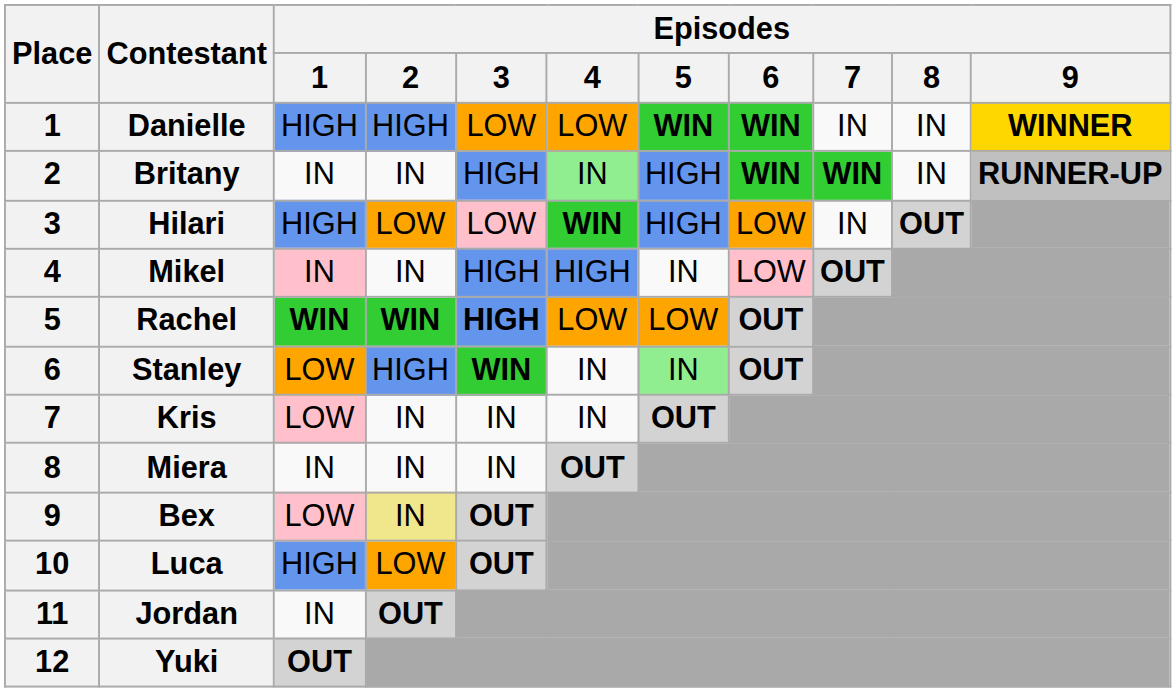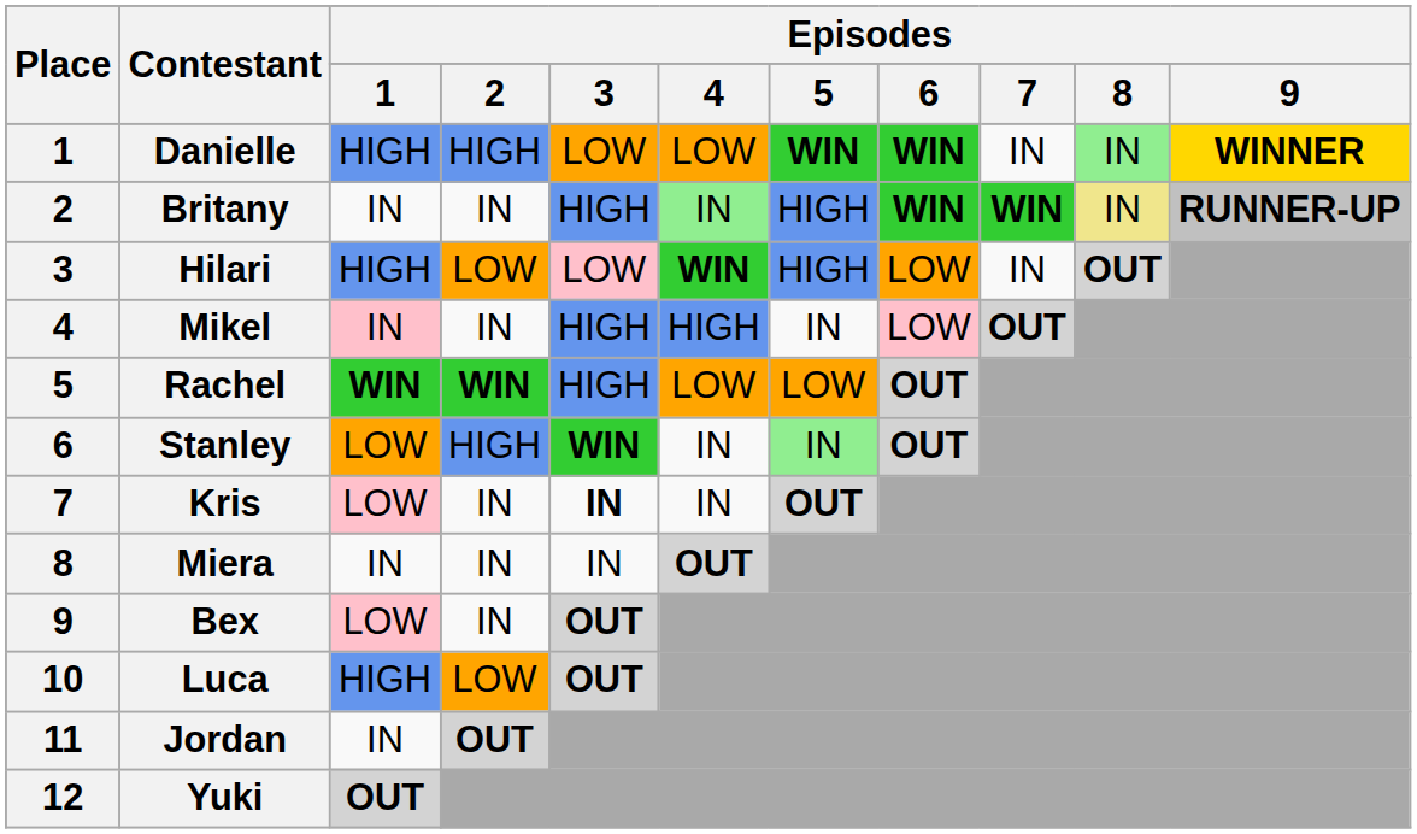 <table class="wikitable" style="text-align:center">
 <tr>
 <th rowspan="2">Place</th>
 <th rowspan="2">Contestant</th>
 <th colspan="9">Episodes</th>
 </tr>
 <tr>
 <th>1</th>
 <th>2</th>
 <th>3</th>
 <th>4</th>
 <th>5</th>
 <th>6</th>
 <th>7</th>
 <th>8</th>
 <th>9</th>
 </tr>
 <tr>
 <th>1</th>
 <th>Danielle</th>
 <td bgcolor="cornflowerblue">HIGH</td>
 <td bgcolor="cornflowerblue">HIGH</td>
 <td bgcolor="orange">LOW</td>
 <td bgcolor="orange">LOW</td>
 <td bgcolor="limegreen"><strong>WIN</strong></td>
 <td bgcolor="limegreen"><strong>WIN</strong></td>
 <td>IN</td>
-<td>IN</td>
+<td style="background: lightgreen;">IN</td>
 <td bgcolor="gold"><strong>WINNER</strong></td>
 </tr>
 <tr>
 <th>2</th>
 <th>Britany</th>
 <td>IN</td>
 <td>IN</td>
 <td bgcolor="cornflowerblue">HIGH</td>
 <td style="background: lightgreen;">IN</td>
 <td bgcolor="cornflowerblue">HIGH</td>
 <td bgcolor="limegreen"><strong>WIN</strong></td>
 <td bgcolor="limegreen"><strong>WIN</strong></td>
-<td>IN</td>
+<td style="background: khaki;">IN</td>
 <td bgcolor="silver"><strong>RUNNER-UP</strong></td>
 </tr>
 <tr>
 <th>3</th>
 <th>Hilari</th>
 <td bgcolor="cornflowerblue">HIGH</td>
 <td bgcolor="orange">LOW</td>
 <td bgcolor="pink">LOW</td>
 <td bgcolor="limegreen"><strong>WIN</strong></td>
 <td bgcolor="cornflowerblue">HIGH</td>
 <td bgcolor="orange">LOW</td>
 <td>IN</td>
 <td bgcolor="lightgrey"><strong>OUT</strong></td>
 <td colspan=1 bgcolor="darkgrey"></td>
 </tr>
 <tr>
 <th>4</th>
 <th>Mikel</th>
 <td style="background: pink;">IN</td>
 <td>IN</td>
 <td bgcolor="cornflowerblue">HIGH</td>
 <td bgcolor="cornflowerblue">HIGH</td>
 <td>IN</td>
 <td bgcolor="pink">LOW</td>
 <td bgcolor="lightgrey"><strong>OUT</strong></td>
 <td colspan=2 bgcolor="darkgrey"></td>
 </tr>
 <tr>
 <th>5</th>
 <th>Rachel</th>
 <td bgcolor="limegreen"><strong>WIN</strong></td>
 <td bgcolor="limegreen"><strong>WIN</strong></td>
-<td bgcolor="cornflowerblue"><strong>HIGH</strong></td>
+<td bgcolor="cornflowerblue">HIGH</td>
 <td bgcolor="orange">LOW</td>
 <td bgcolor="orange">LOW</td>
 <td bgcolor="lightgrey"><strong>OUT</strong></td>
 <td colspan=3 bgcolor="darkgrey"></td>
 </tr>
 <tr>
 <th>6</th>
 <th>Stanley</th>
 <td bgcolor="orange">LOW</td>
 <td bgcolor="cornflowerblue">HIGH</td>
 <td bgcolor="limegreen"><strong>WIN</strong></td>
 <td>IN</td>
 <td style="background: lightgreen;">IN</td>
 <td bgcolor="lightgrey"><strong>OUT</strong></td>
 <td colspan=3 bgcolor="darkgrey"></td>
 </tr>
 <tr>
 <th>7</th>
 <th>Kris</th>
 <td bgcolor="pink">LOW</td>
 <td>IN</td>
-<td>IN</td>
+<td><strong>IN</strong></td>
 <td>IN</td>
 <td bgcolor="lightgrey"><strong>OUT</strong></td>
 <td colspan=4 bgcolor="darkgrey"></td>
 </tr>
 <tr>
 <th>8</th>
 <th>Miera</th>
 <td>IN</td>
 <td>IN</td>
 <td>IN</td>
 <td bgcolor="lightgrey"><strong>OUT</strong></td>
 <td colspan=5 bgcolor="darkgrey"></td>
 </tr>
 <tr>
 <th>9</th>
 <th>Bex</th>
 <td bgcolor="pink">LOW</td>
-<td style="background: khaki;">IN</td>
+<td>IN</td>
 <td bgcolor="lightgrey"><strong>OUT</strong></td>
 <td colspan=6 bgcolor="darkgrey"></td>
 </tr>
 <tr>
 <th>10</th>
 <th>Luca</th>
 <td bgcolor="cornflowerblue">HIGH</td>
 <td bgcolor="orange">LOW</td>
 <td bgcolor="lightgrey"><strong>OUT</strong></td>
 <td colspan=6 bgcolor="darkgrey"></td>
 </tr>
 <tr>
 <th>11</th>
 <th>Jordan</th>
 <td>IN</td>
 <td bgcolor="lightgrey"><strong>OUT</strong></td>
 <td colspan=7 bgcolor="darkgrey"></td>
 </tr>
 <tr>
 <th>12</th>
 <th>Yuki</th>
 <td bgcolor="lightgrey"><strong>OUT</strong></td>
 <td colspan=8 bgcolor="darkgrey"></td>
 </tr>
 </table>
